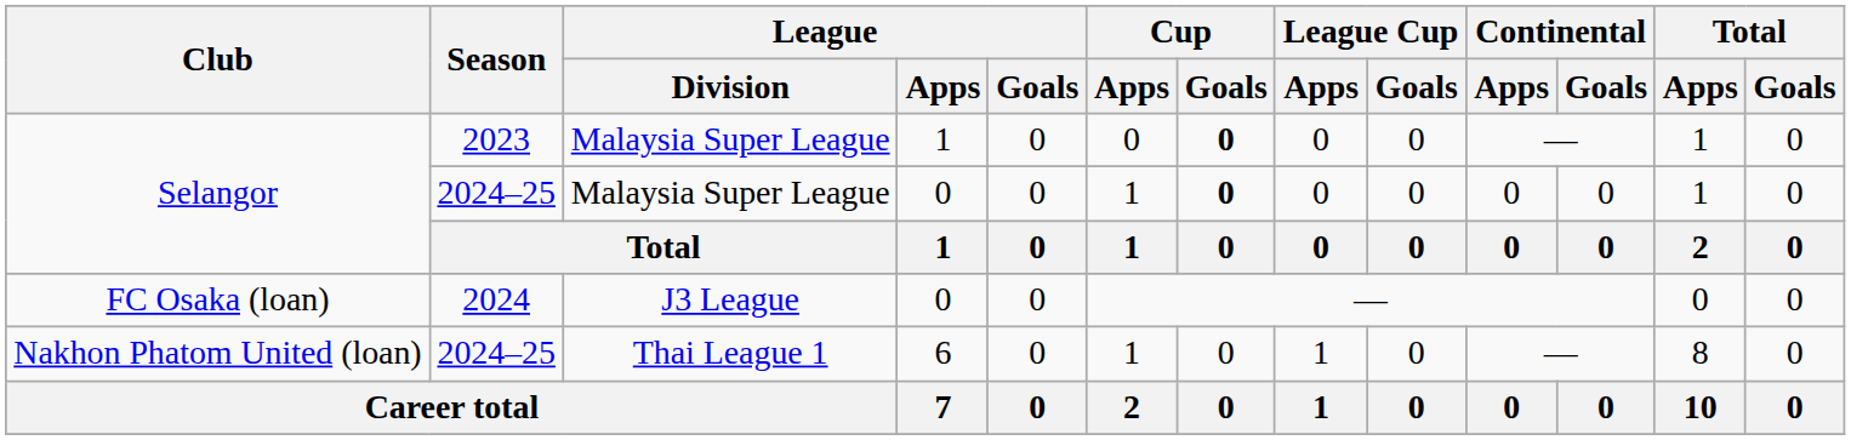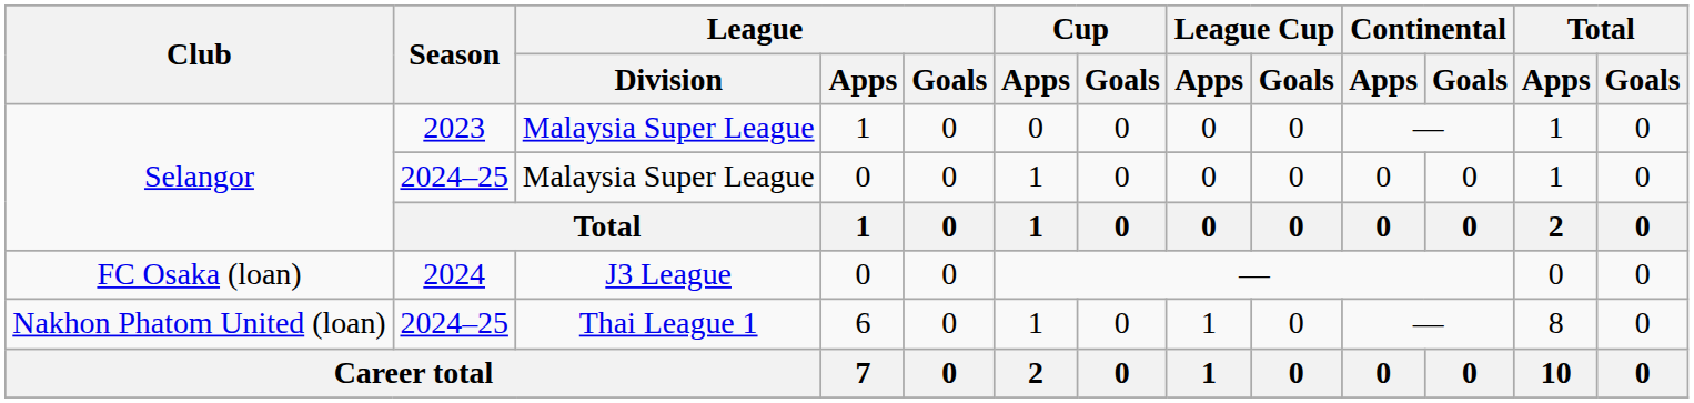 <table class="wikitable" style="text-align: center;">
 <tr>
 <th rowspan="2">Club</th>
 <th rowspan="2">Season</th>
 <th colspan="3">League</th>
 <th colspan="2">Cup</th>
 <th colspan="2">League Cup</th>
 <th colspan="2">Continental</th>
 <th colspan="2">Total</th>
 </tr>
 <tr>
 <th>Division</th>
 <th>Apps</th>
 <th>Goals</th>
 <th>Apps</th>
 <th>Goals</th>
 <th>Apps</th>
 <th>Goals</th>
 <th>Apps</th>
 <th>Goals</th>
 <th>Apps</th>
 <th>Goals</th>
 </tr>
 <tr>
 <td rowspan="3"><a href='#'>Selangor</a></td>
 <td><a href='#'>2023</a></td>
 <td><a href='#'>Malaysia Super League</a></td>
 <td>1</td>
 <td>0</td>
 <td>0</td>
-<td><strong>0</strong></td>
+<td>0</td>
 <td>0</td>
 <td>0</td>
 <td colspan=2>—</td>
 <td>1</td>
 <td>0</td>
 </tr>
 <tr>
 <td><a href='#'>2024–25</a></td>
 <td>Malaysia Super League</td>
 <td>0</td>
 <td>0</td>
 <td>1</td>
-<td><strong>0</strong></td>
+<td>0</td>
 <td>0</td>
 <td>0</td>
 <td>0</td>
 <td>0</td>
 <td>1</td>
 <td>0</td>
 </tr>
 <tr>
 <th colspan="2">Total</th>
 <th>1</th>
 <th>0</th>
 <th>1</th>
 <th>0</th>
 <th>0</th>
 <th>0</th>
 <th>0</th>
 <th>0</th>
 <th>2</th>
 <th>0</th>
 </tr>
 <tr>
 <td><a href='#'>FC Osaka</a> (loan)</td>
 <td><a href='#'>2024</a></td>
 <td><a href='#'>J3 League</a></td>
 <td>0</td>
 <td>0</td>
 <td colspan=6>—</td>
 <td>0</td>
 <td>0</td>
 </tr>
 <tr>
 <td><a href='#'>Nakhon Phatom United</a> (loan)</td>
 <td><a href='#'>2024–25</a></td>
 <td><a href='#'>Thai League 1</a></td>
 <td>6</td>
 <td>0</td>
 <td>1</td>
 <td>0</td>
 <td>1</td>
 <td>0</td>
 <td colspan=2>—</td>
 <td>8</td>
 <td>0</td>
 </tr>
 <tr>
 <th colspan="3">Career total</th>
 <th>7</th>
 <th>0</th>
 <th>2</th>
 <th>0</th>
 <th>1</th>
 <th>0</th>
 <th>0</th>
 <th>0</th>
 <th>10</th>
 <th>0</th>
 </tr>
 </table>
